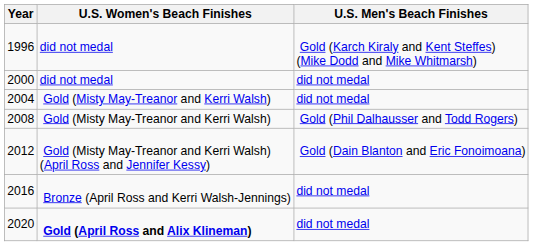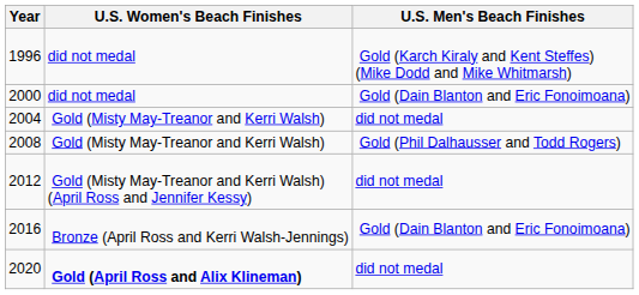 <table class="wikitable">
 <tr>
 <th>Year</th>
 <th>U.S. Women's Beach Finishes</th>
 <th>U.S. Men's Beach Finishes</th>
 </tr>
 <tr>
 <td>1996</td>
 <td><a href='#'>did not medal</a></td>
 <td><br> <a href='#'>Gold</a> (<a href='#'>Karch Kiraly</a> and <a href='#'>Kent Steffes</a>) <br> (<a href='#'>Mike Dodd</a> and <a href='#'>Mike Whitmarsh</a>)</td>
 </tr>
 <tr>
 <td>2000</td>
 <td><a href='#'>did not medal</a></td>
-<td><a href='#'>did not medal</a></td>
+<td> <a href='#'>Gold</a> (<a href='#'>Dain Blanton</a> and <a href='#'>Eric Fonoimoana</a>)</td>
 </tr>
 <tr>
 <td>2004</td>
 <td> <a href='#'>Gold</a> (<a href='#'>Misty May-Treanor</a> and <a href='#'>Kerri Walsh</a>)</td>
 <td><a href='#'>did not medal</a></td>
 </tr>
 <tr>
 <td>2008</td>
 <td> <a href='#'>Gold</a> (Misty May-Treanor and Kerri Walsh)</td>
 <td> <a href='#'>Gold</a> (<a href='#'>Phil Dalhausser</a> and <a href='#'>Todd Rogers</a>)</td>
 </tr>
 <tr>
 <td>2012</td>
 <td><br> <a href='#'>Gold</a> (Misty May-Treanor and Kerri Walsh) <br> (<a href='#'>April Ross</a> and <a href='#'>Jennifer Kessy</a>)</td>
-<td> <a href='#'>Gold</a> (<a href='#'>Dain Blanton</a> and <a href='#'>Eric Fonoimoana</a>)</td>
+<td><a href='#'>did not medal</a></td>
 </tr>
 <tr>
 <td>2016</td>
 <td><br> <a href='#'>Bronze</a> (April Ross and Kerri Walsh-Jennings)</td>
-<td><a href='#'>did not medal</a></td>
+<td> <a href='#'>Gold</a> (<a href='#'>Dain Blanton</a> and <a href='#'>Eric Fonoimoana</a>)</td>
 </tr>
 <tr>
 <td>2020</td>
 <td><strong><br> <a href='#'>Gold</a> (<a href='#'>April Ross</a> and <a href='#'>Alix Klineman</a>)</strong></td>
 <td><a href='#'>did not medal</a></td>
 </tr>
 </table>
